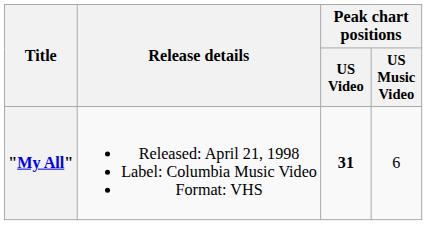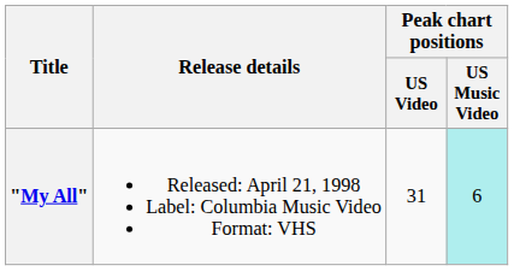 <table class="wikitable plainrowheaders" style="text-align:center;">
 <tr>
 <th scope="col" rowspan="2">Title</th>
 <th scope="col" rowspan="2">Release details</th>
 <th scope="col" colspan="7">Peak chart positions</th>
 </tr>
 <tr>
 <th scope="col" style="width:3em;font-size:90%;">US Video<br></th>
 <th scope="col" style="width:3em;font-size:90%;">US Music Video<br></th>
 </tr>
 <tr>
 <th scope="row">"<a href='#'>My All</a>"</th>
 <td><br><ul><li>Released: April 21, 1998</li><li>Label: Columbia Music Video</li><li>Format: VHS</li></ul></td>
-<td><strong>31</strong></td>
-<td>6</td>
+<td>31</td>
+<td style="background: paleturquoise;">6</td>
 </tr>
 </table>
